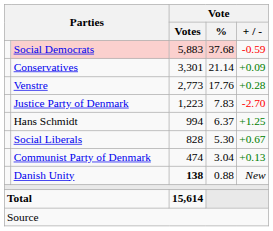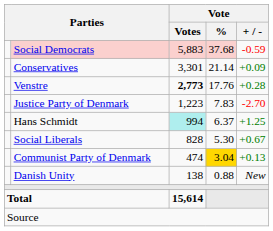 <table class="wikitable" style="text-align:right;">
 <tr>
 <th style="text-align:centre;" rowspan="2" colspan="2" width="225">Parties</th>
 <th colspan="3">Vote</th>
 </tr>
 <tr>
 <th width="15">Votes</th>
 <th width="15">%</th>
 <th width="15">+ / -</th>
 </tr>
 <tr>
 <td width="2" style="color:inherit;background:"></td>
 <td bgcolor=#fbd0ce  align="left"><a href='#'>Social Democrats</a></td>
 <td bgcolor=#fbd0ce>5,883</td>
 <td bgcolor=#fbd0ce>37.68</td>
 <td style=color:red;>-0.59</td>
 </tr>
 <tr>
 <td width="2" style="color:inherit;background:"></td>
 <td align="left"><a href='#'>Conservatives</a></td>
 <td>3,301</td>
 <td>21.14</td>
 <td style=color:green;>+0.09</td>
 </tr>
 <tr>
 <td width="2" style="color:inherit;background:"></td>
 <td align="left"><a href='#'>Venstre</a></td>
-<td>2,773</td>
+<td><strong>2,773</strong></td>
 <td>17.76</td>
 <td style=color:green;>+0.28</td>
 </tr>
 <tr>
 <td width="2" style="color:inherit;background:"></td>
 <td align="left"><a href='#'>Justice Party of Denmark</a></td>
 <td>1,223</td>
 <td>7.83</td>
 <td style=color:red;>-2.70</td>
 </tr>
 <tr>
 <td width="2" style="color:inherit;background:"></td>
 <td align="left">Hans Schmidt</td>
-<td>994</td>
+<td style="background: paleturquoise;">994</td>
 <td>6.37</td>
 <td style=color:green;>+1.25</td>
 </tr>
 <tr>
 <td width="2" style="color:inherit;background:"></td>
 <td align="left"><a href='#'>Social Liberals</a></td>
 <td>828</td>
 <td>5.30</td>
 <td style=color:green;>+0.67</td>
 </tr>
 <tr>
 <td width="2" style="color:inherit;background:"></td>
 <td align="left"><a href='#'>Communist Party of Denmark</a></td>
 <td>474</td>
-<td>3.04</td>
+<td style="background: gold;">3.04</td>
 <td style=color:green;>+0.13</td>
 </tr>
 <tr>
 <td width="2" style="color:inherit;background:"></td>
 <td align="left"><a href='#'>Danish Unity</a></td>
-<td><strong>138</strong></td>
+<td>138</td>
 <td>0.88</td>
 <td><em>New</em></td>
 </tr>
 <tr>
 <td colspan="7" bgcolor="#E9E9E9"></td>
 </tr>
 <tr>
 <td align="left" colspan="2"><strong>Total</strong></td>
 <td><strong>15,614</strong></td>
 <td bgcolor="#E9E9E9" colspan="2"></td>
 </tr>
 <tr>
 <td align="left" colspan="6">Source</td>
 </tr>
 </table>
